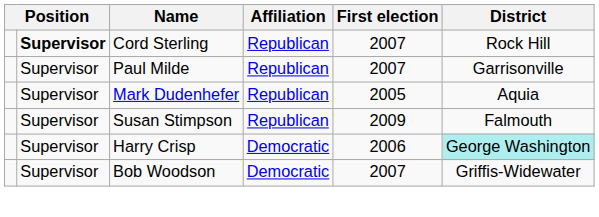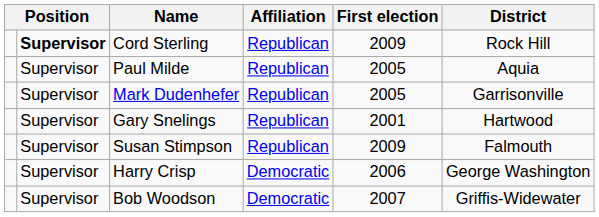 <table class=wikitable>
 <tr>
 <th colspan=2 align=center valign=bottom>Position</th>
 <th style="text-align:center;">Name</th>
 <th valign=bottom>Affiliation</th>
 <th valign=bottom align=center>First election</th>
 <th valign=bottom align=center>District</th>
 </tr>
 <tr>
 <td style="background-color:"> </td>
 <td><strong>Supervisor</strong></td>
 <td>Cord Sterling</td>
 <td style="text-align:center;"><a href='#'>Republican</a></td>
-<td style="text-align:center;">2007</td>
+<td style="text-align:center;">2009</td>
 <td style="text-align:center;">Rock Hill</td>
 </tr>
 <tr>
 <td style="background-color:"> </td>
 <td>Supervisor</td>
 <td>Paul Milde</td>
 <td style="text-align:center;"><a href='#'>Republican</a></td>
-<td style="text-align:center;">2007</td>
-<td style="text-align:center;">Garrisonville</td>
+<td style="text-align:center;">2005</td>
+<td style="text-align:center;">Aquia</td>
 </tr>
 <tr>
 <td style="background-color:"> </td>
 <td>Supervisor</td>
 <td><a href='#'>Mark Dudenhefer</a></td>
 <td style="text-align:center;"><a href='#'>Republican</a></td>
 <td style="text-align:center;">2005</td>
-<td style="text-align:center;">Aquia</td>
+<td style="text-align:center;">Garrisonville</td>
+</tr>
+<tr>
+<td style="background-color:"> </td>
+<td>Supervisor</td>
+<td>Gary Snelings</td>
+<td style="text-align:center;"><a href='#'>Republican</a></td>
+<td style="text-align:center;">2001</td>
+<td style="text-align:center;">Hartwood</td>
 </tr>
 <tr>
 <td style="background-color:"> </td>
 <td>Supervisor</td>
 <td>Susan Stimpson</td>
 <td style="text-align:center;"><a href='#'>Republican</a></td>
 <td style="text-align:center;">2009</td>
 <td style="text-align:center;">Falmouth</td>
 </tr>
 <tr>
 <td style="background-color:"> </td>
 <td>Supervisor</td>
 <td>Harry Crisp</td>
 <td style="text-align:center;"><a href='#'>Democratic</a></td>
 <td style="text-align:center;">2006</td>
-<td style="background: paleturquoise; text-align:center;">George Washington</td>
+<td style="text-align:center;">George Washington</td>
 </tr>
 <tr>
 <td style="background-color:"> </td>
 <td>Supervisor</td>
 <td>Bob Woodson</td>
 <td style="text-align:center;"><a href='#'>Democratic</a></td>
 <td style="text-align:center;">2007</td>
 <td style="text-align:center;">Griffis-Widewater</td>
 </tr>
 </table>
